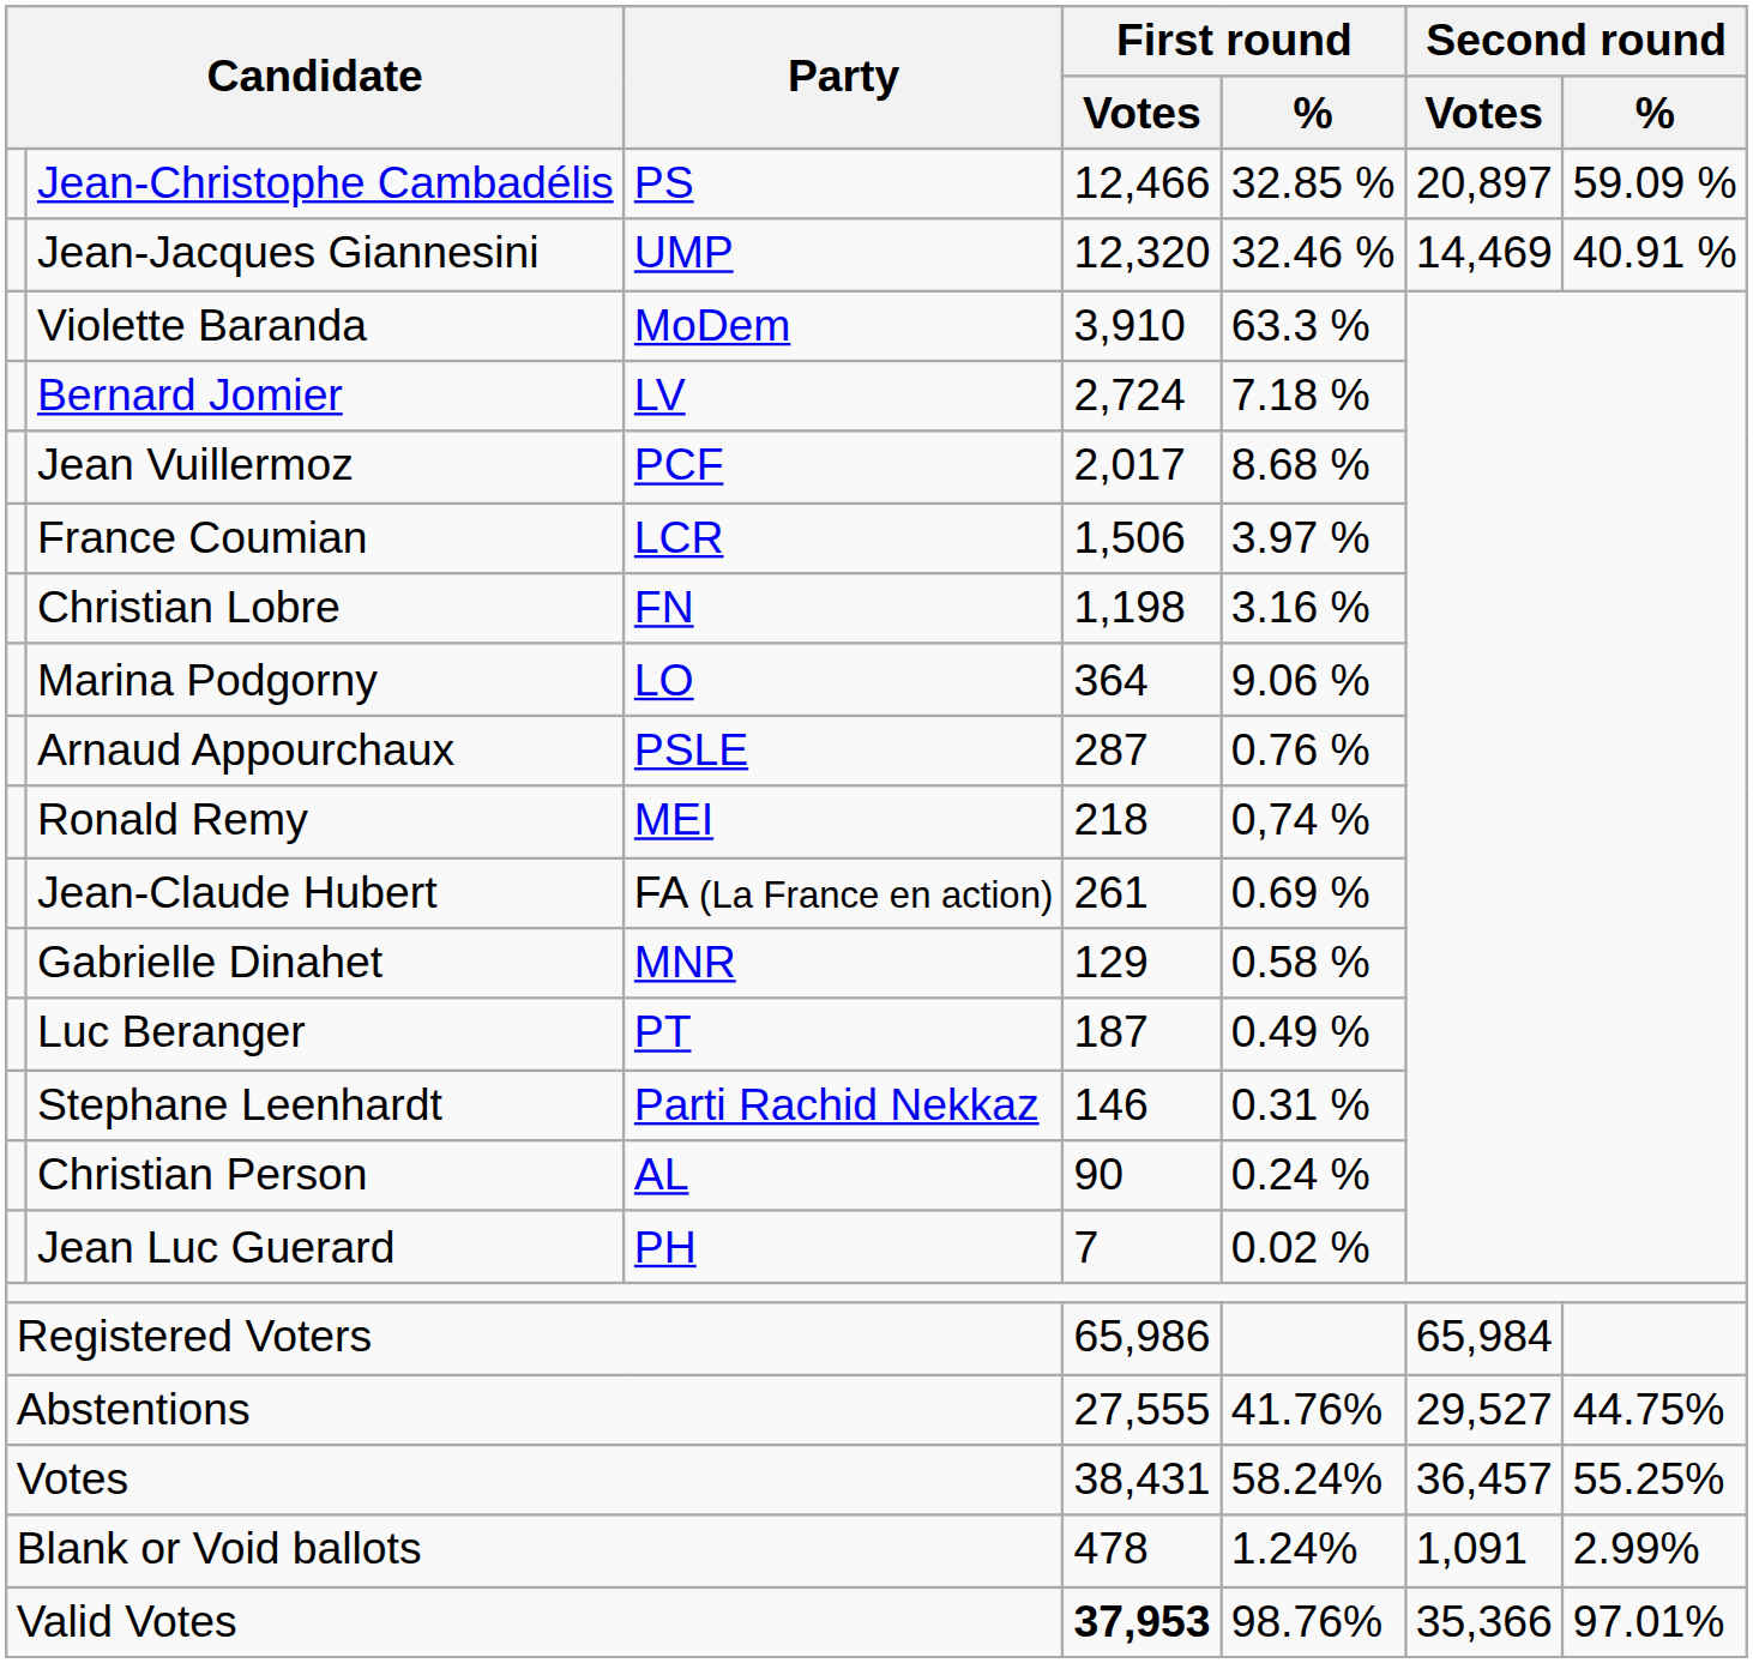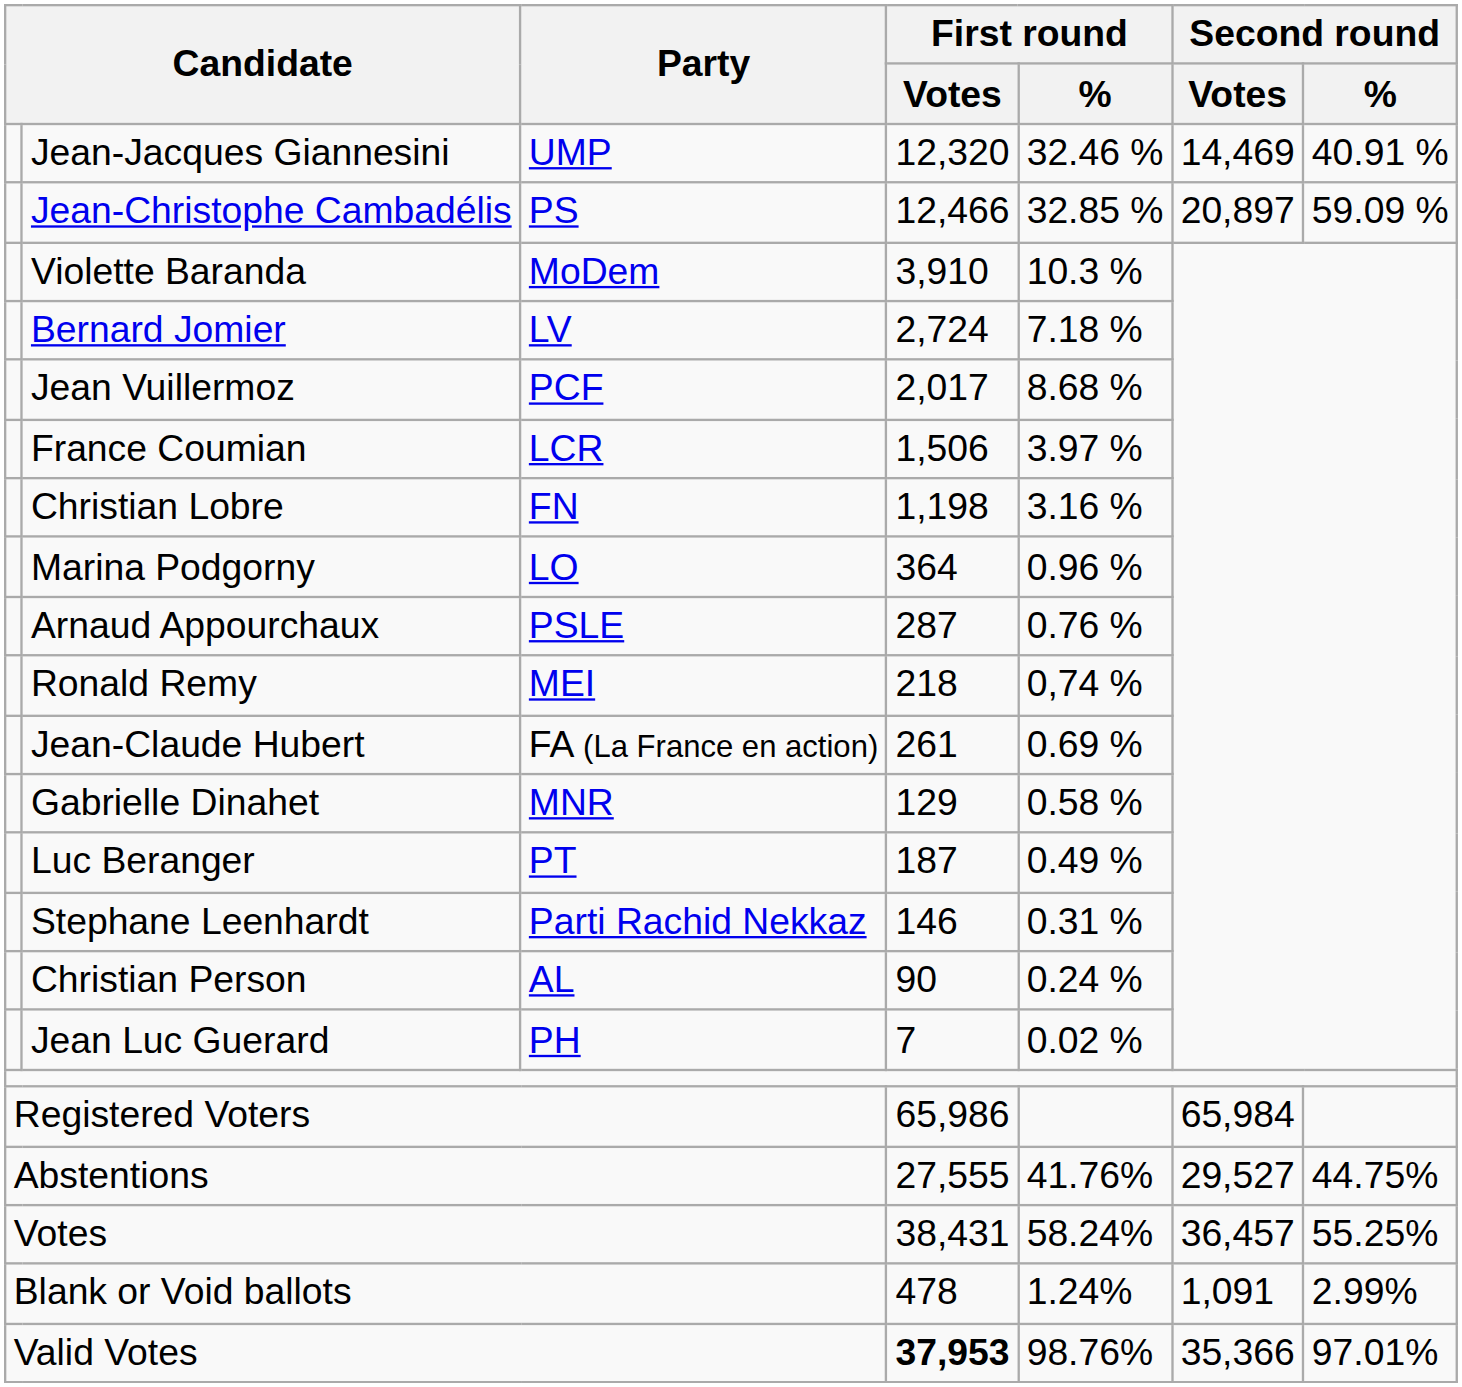 <table class="wikitable">
 <tr>
 <th colspan="2" rowspan="2">Candidate</th>
 <th rowspan="2">Party</th>
 <th colspan="2">First round</th>
 <th colspan="2">Second round</th>
 </tr>
 <tr>
 <th>Votes</th>
 <th>%</th>
 <th>Votes</th>
 <th>%</th>
 </tr>
 <tr>
 <td style="background-color:"></td>
+<td>Jean-Jacques Giannesini</td>
+<td><a href='#'>UMP</a></td>
+<td>12,320</td>
+<td>32.46 %</td>
+<td>14,469</td>
+<td>40.91 %</td>
+</tr>
+<tr>
+<td style="background-color:"></td>
 <td><a href='#'>Jean-Christophe Cambadélis</a></td>
 <td><a href='#'>PS</a></td>
 <td>12,466</td>
 <td>32.85 %</td>
 <td>20,897</td>
 <td>59.09 %</td>
 </tr>
 <tr>
 <td style="background-color:"></td>
-<td>Jean-Jacques Giannesini</td>
-<td><a href='#'>UMP</a></td>
-<td>12,320</td>
-<td>32.46 %</td>
-<td>14,469</td>
-<td>40.91 %</td>
-</tr>
-<tr>
-<td style="background-color:"></td>
 <td>Violette Baranda</td>
 <td><a href='#'>MoDem</a></td>
 <td>3,910</td>
-<td>63.3 %</td>
+<td>10.3 %</td>
 </tr>
 <tr>
 <td style="background-color:"></td>
 <td><a href='#'>Bernard Jomier</a></td>
 <td><a href='#'>LV</a></td>
 <td>2,724</td>
 <td>7.18 %</td>
 </tr>
 <tr>
 <td style="background-color:"></td>
 <td>Jean Vuillermoz</td>
 <td><a href='#'>PCF</a></td>
 <td>2,017</td>
 <td>8.68 %</td>
 </tr>
 <tr>
 <td style="background-color:"></td>
 <td>France Coumian</td>
 <td><a href='#'>LCR</a></td>
 <td>1,506</td>
 <td>3.97 %</td>
 </tr>
 <tr>
 <td style="background-color:"></td>
 <td>Christian Lobre</td>
 <td><a href='#'>FN</a></td>
 <td>1,198</td>
 <td>3.16 %</td>
 </tr>
 <tr>
 <td style="background-color:"></td>
 <td>Marina Podgorny</td>
 <td><a href='#'>LO</a></td>
 <td>364</td>
-<td>9.06 %</td>
+<td>0.96 %</td>
 </tr>
 <tr>
 <td style="background-color:"></td>
 <td>Arnaud Appourchaux</td>
 <td><a href='#'>PSLE</a></td>
 <td>287</td>
 <td>0.76 %</td>
 </tr>
 <tr>
 <td style="background-color:"></td>
 <td>Ronald Remy</td>
 <td><a href='#'>MEI</a></td>
 <td>218</td>
 <td>0,74 %</td>
 </tr>
 <tr>
 <td></td>
 <td>Jean-Claude Hubert</td>
 <td>FA<small> (La France en action)</small></td>
 <td>261</td>
 <td>0.69 %</td>
 </tr>
 <tr>
 <td style="background-color:"></td>
 <td>Gabrielle Dinahet</td>
 <td><a href='#'>MNR</a></td>
 <td>129</td>
 <td>0.58 %</td>
 </tr>
 <tr>
 <td style="background-color:"></td>
 <td>Luc Beranger</td>
 <td><a href='#'>PT</a></td>
 <td>187</td>
 <td>0.49 %</td>
 </tr>
 <tr>
 <td></td>
 <td>Stephane Leenhardt</td>
 <td><a href='#'>Parti Rachid Nekkaz</a></td>
 <td>146</td>
 <td>0.31 %</td>
 </tr>
 <tr>
 <td style="background-color:"></td>
 <td>Christian Person</td>
 <td><a href='#'>AL</a></td>
 <td>90</td>
 <td>0.24 %</td>
 </tr>
 <tr>
 <td style="background-color:"></td>
 <td>Jean Luc Guerard</td>
 <td><a href='#'>PH</a></td>
 <td>7</td>
 <td>0.02 %</td>
 </tr>
 <tr>
 <td colspan="7"></td>
 </tr>
 <tr>
 <td colspan="3">Registered Voters</td>
 <td>65,986</td>
 <td></td>
 <td>65,984</td>
 <td></td>
 </tr>
 <tr>
 <td colspan="3">Abstentions</td>
 <td>27,555</td>
 <td>41.76%</td>
 <td>29,527</td>
 <td>44.75%</td>
 </tr>
 <tr>
 <td colspan="3">Votes</td>
 <td>38,431</td>
 <td>58.24%</td>
 <td>36,457</td>
 <td>55.25%</td>
 </tr>
 <tr>
 <td colspan="3">Blank or Void ballots</td>
 <td>478</td>
 <td>1.24%</td>
 <td>1,091</td>
 <td>2.99%</td>
 </tr>
 <tr>
 <td colspan="3">Valid Votes</td>
 <td><strong>37,953</strong></td>
 <td>98.76%</td>
 <td>35,366</td>
 <td>97.01%</td>
 </tr>
 <tr>
 </tr>
 </table>
